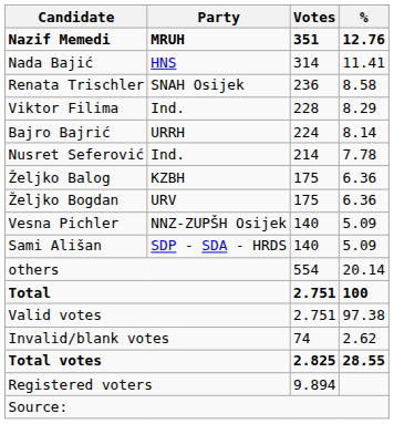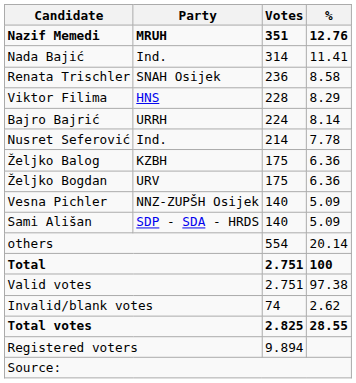 <table class="wikitable" style="text-align: left;">
 <tr>
 <th>Candidate</th>
 <th>Party</th>
 <th>Votes</th>
 <th>%</th>
 </tr>
 <tr>
 <td><strong>Nazif Memedi</strong></td>
 <td><strong>MRUH</strong></td>
 <td><strong>351</strong></td>
 <td><strong>12.76</strong></td>
 </tr>
 <tr>
 <td>Nada Bajić</td>
-<td><a href='#'>HNS</a></td>
+<td>Ind.</td>
 <td>314</td>
 <td>11.41</td>
 </tr>
 <tr>
 <td>Renata Trischler</td>
 <td>SNAH Osijek</td>
 <td>236</td>
 <td>8.58</td>
 </tr>
 <tr>
 <td>Viktor Filima</td>
-<td>Ind.</td>
+<td><a href='#'>HNS</a></td>
 <td>228</td>
 <td>8.29</td>
 </tr>
 <tr>
 <td>Bajro Bajrić</td>
 <td>URRH</td>
 <td>224</td>
 <td>8.14</td>
 </tr>
 <tr>
 <td>Nusret Seferović</td>
 <td>Ind.</td>
 <td>214</td>
 <td>7.78</td>
 </tr>
 <tr>
 <td>Željko Balog</td>
 <td>KZBH</td>
 <td>175</td>
 <td>6.36</td>
 </tr>
 <tr>
 <td>Željko Bogdan</td>
 <td>URV</td>
 <td>175</td>
 <td>6.36</td>
 </tr>
 <tr>
 <td>Vesna Pichler</td>
 <td>NNZ-ZUPŠH Osijek</td>
 <td>140</td>
 <td>5.09</td>
 </tr>
 <tr>
 <td>Sami Ališan</td>
 <td><a href='#'>SDP</a> - <a href='#'>SDA</a> - HRDS</td>
 <td>140</td>
 <td>5.09</td>
 </tr>
 <tr>
 <td colspan="2">others</td>
 <td>554</td>
 <td>20.14</td>
 </tr>
 <tr>
 <td colspan="2"><strong>Total</strong></td>
 <td><strong>2.751</strong></td>
 <td><strong>100</strong></td>
 </tr>
 <tr>
 <td colspan="2">Valid votes</td>
 <td>2.751</td>
 <td>97.38</td>
 </tr>
 <tr>
 <td colspan="2">Invalid/blank votes</td>
 <td>74</td>
 <td>2.62</td>
 </tr>
 <tr>
 <td colspan="2"><strong>Total votes</strong></td>
 <td><strong>2.825</strong></td>
 <td><strong>28.55</strong></td>
 </tr>
 <tr>
 <td colspan="2">Registered voters</td>
 <td>9.894</td>
 <td></td>
 </tr>
 <tr>
 <td colspan="4">Source: </td>
 </tr>
 </table>
